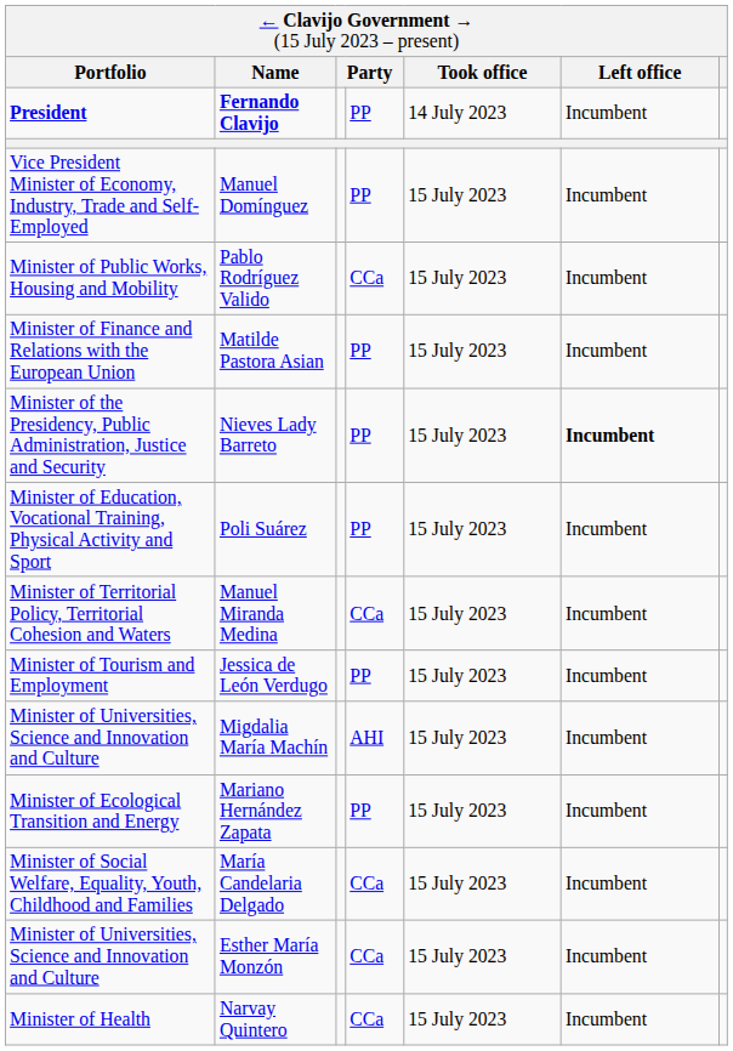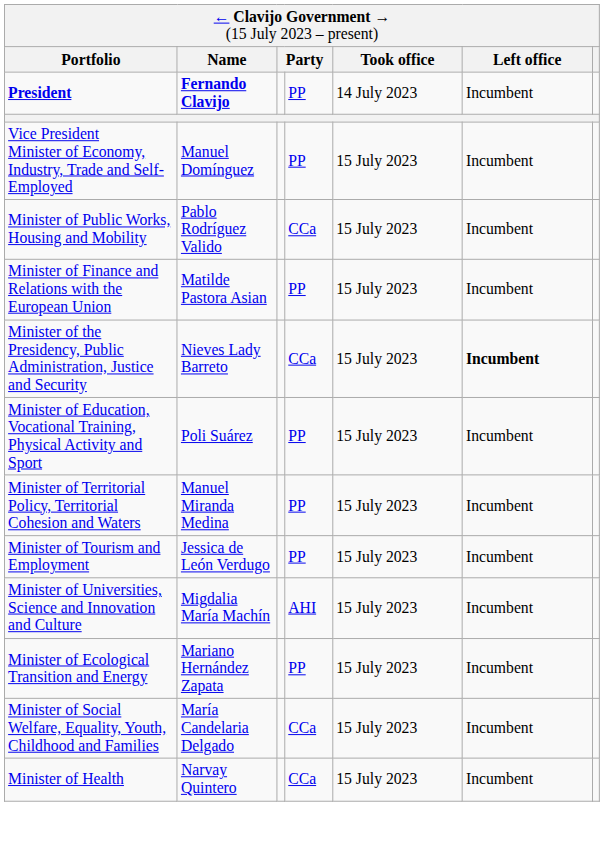 <table class="wikitable">
 <tr>
 <td colspan="7" bgcolor="#F2F2F2" align="center"><a href='#'>←</a> <strong>Clavijo Government</strong> →<br>(15 July 2023 – present)</td>
 </tr>
 <tr>
 <th>Portfolio</th>
 <th>Name</th>
 <th width="100px" colspan="2">Party</th>
 <th width="125px">Took office</th>
 <th width="125px">Left office</th>
 <th></th>
 </tr>
 <tr>
 <td><strong><a href='#'>President</a></strong></td>
 <td><strong><a href='#'>Fernando Clavijo</a></strong></td>
 <td width="1" style="background-color:"></td>
 <td><a href='#'>PP</a></td>
 <td>14 July 2023</td>
 <td>Incumbent</td>
 <td align="center"></td>
 </tr>
 <tr>
 <th colspan="7"></th>
 </tr>
 <tr>
 <td><a href='#'>Vice President</a><br><a href='#'>Minister of Economy, Industry, Trade and Self-Employed</a></td>
 <td><a href='#'>Manuel Domínguez</a></td>
 <td style="background-color:"></td>
 <td><a href='#'>PP</a></td>
 <td>15 July 2023</td>
 <td>Incumbent</td>
 <td align="center"><br></td>
 </tr>
 <tr>
 <td><a href='#'>Minister of Public Works, Housing and Mobility</a></td>
 <td><a href='#'>Pablo Rodríguez Valido</a></td>
 <td style="background-color:"></td>
 <td><a href='#'>CCa</a></td>
 <td>15 July 2023</td>
 <td>Incumbent</td>
 <td align="center"></td>
 </tr>
 <tr>
 <td><a href='#'>Minister of Finance and Relations with the European Union</a></td>
 <td><a href='#'>Matilde Pastora Asian</a></td>
 <td style="background-color:"></td>
 <td><a href='#'>PP</a></td>
 <td>15 July 2023</td>
 <td>Incumbent</td>
 <td align="center"></td>
 </tr>
 <tr>
 <td><a href='#'>Minister of the Presidency, Public Administration, Justice and Security</a></td>
 <td><a href='#'>Nieves Lady Barreto</a></td>
 <td style="background-color:"></td>
-<td><a href='#'>PP</a></td>
+<td><a href='#'>CCa</a></td>
 <td>15 July 2023</td>
 <td><strong>Incumbent</strong></td>
 <td align="center"></td>
 </tr>
 <tr>
 <td><a href='#'>Minister of Education, Vocational Training, Physical Activity and Sport</a></td>
 <td><a href='#'>Poli Suárez</a></td>
 <td style="background-color:"></td>
 <td><a href='#'>PP</a></td>
 <td>15 July 2023</td>
 <td>Incumbent</td>
 <td align="center"></td>
 </tr>
 <tr>
 <td><a href='#'>Minister of Territorial Policy, Territorial Cohesion and Waters</a></td>
 <td><a href='#'>Manuel Miranda Medina</a></td>
 <td style="background-color:"></td>
-<td><a href='#'>CCa</a></td>
+<td><a href='#'>PP</a></td>
 <td>15 July 2023</td>
 <td>Incumbent</td>
 <td align="center"></td>
 </tr>
 <tr>
 <td><a href='#'>Minister of Tourism and Employment</a></td>
 <td><a href='#'>Jessica de León Verdugo</a></td>
 <td style="background-color:"></td>
 <td><a href='#'>PP</a></td>
 <td>15 July 2023</td>
 <td>Incumbent</td>
 <td align="center"></td>
 </tr>
 <tr>
 <td><a href='#'>Minister of Universities, Science and Innovation and Culture</a></td>
 <td><a href='#'>Migdalia María Machín</a></td>
 <td style="background-color:"></td>
 <td><a href='#'>AHI</a></td>
 <td>15 July 2023</td>
 <td>Incumbent</td>
 <td align="center"></td>
 </tr>
 <tr>
 <td><a href='#'>Minister of Ecological Transition and Energy</a></td>
 <td><a href='#'>Mariano Hernández Zapata</a></td>
 <td style="background-color:"></td>
 <td><a href='#'>PP</a></td>
 <td>15 July 2023</td>
 <td>Incumbent</td>
 <td align="center"></td>
 </tr>
 <tr>
 <td><a href='#'>Minister of Social Welfare, Equality, Youth, Childhood and Families</a></td>
 <td><a href='#'>María Candelaria Delgado</a></td>
 <td style="background-color:"></td>
 <td><a href='#'>CCa</a></td>
 <td>15 July 2023</td>
 <td>Incumbent</td>
 <td align="center"></td>
 </tr>
 <tr>
-<td><a href='#'>Minister of Universities, Science and Innovation and Culture</a></td>
-<td><a href='#'>Esther María Monzón</a></td>
-<td style="background-color:"></td>
-<td><a href='#'>CCa</a></td>
-<td>15 July 2023</td>
-<td>Incumbent</td>
-<td align="center"></td>
-</tr>
-<tr>
 <td><a href='#'>Minister of Health</a></td>
 <td><a href='#'>Narvay Quintero</a></td>
 <td style="background-color:"></td>
 <td><a href='#'>CCa</a></td>
 <td>15 July 2023</td>
 <td>Incumbent</td>
 <td align="center"></td>
 </tr>
 </table>
